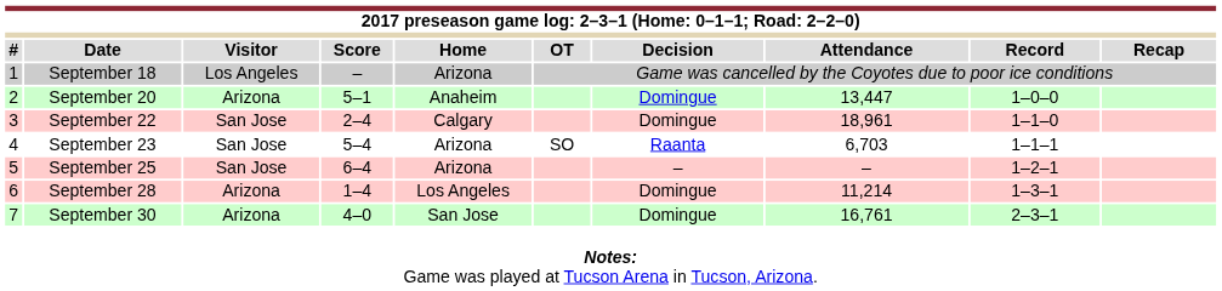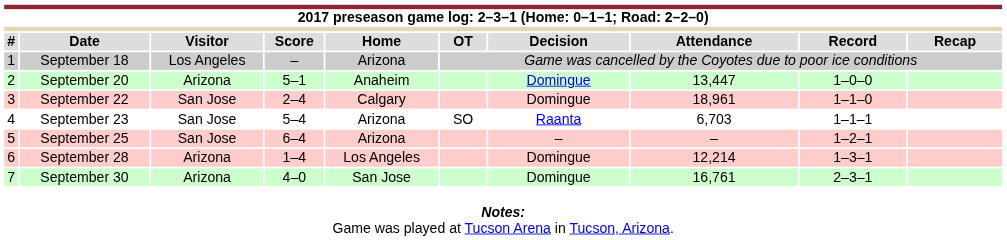 <table class="toccolours collapsible collapsed" style="width:90%; clear:both; margin:1.5em auto; text-align:center;">
 <tr>
 <th colspan=10 style="background:#FFFFFF; border-top:#8C2633 5px solid; border-bottom:#E2D6B5 5px solid;">2017 preseason game log: 2–3–1 (Home: 0–1–1; Road: 2–2–0)</th>
 </tr>
 <tr style="background:#ddd;">
 <th>#</th>
 <th>Date</th>
 <th>Visitor</th>
 <th>Score</th>
 <th>Home</th>
 <th>OT</th>
 <th>Decision</th>
 <th>Attendance</th>
 <th>Record</th>
 <th>Recap</th>
 </tr>
 <tr style="background:#ccc;">
 <td>1</td>
 <td>September 18</td>
 <td>Los Angeles</td>
 <td>–</td>
 <td>Arizona</td>
 <td colspan="5"><em>Game was cancelled by the Coyotes due to poor ice conditions</em></td>
 </tr>
 <tr style="background:#cfc;">
 <td>2</td>
 <td>September 20</td>
 <td>Arizona</td>
 <td>5–1</td>
 <td>Anaheim</td>
 <td></td>
 <td><a href='#'>Domingue</a></td>
 <td>13,447</td>
 <td>1–0–0</td>
 <td></td>
 </tr>
 <tr style="background:#fcc;">
 <td>3</td>
 <td>September 22</td>
 <td>San Jose</td>
 <td>2–4</td>
 <td>Calgary</td>
 <td></td>
 <td>Domingue</td>
 <td>18,961</td>
 <td>1–1–0</td>
 <td></td>
 </tr>
 <tr style="background:#fff;">
 <td>4</td>
 <td>September 23</td>
 <td>San Jose</td>
 <td>5–4</td>
 <td>Arizona</td>
 <td>SO</td>
 <td><a href='#'>Raanta</a></td>
 <td>6,703</td>
 <td>1–1–1</td>
 <td></td>
 </tr>
 <tr style="background:#fcc;">
 <td>5</td>
 <td>September 25</td>
 <td>San Jose</td>
 <td>6–4</td>
 <td>Arizona</td>
 <td></td>
 <td>–</td>
 <td>–</td>
 <td>1–2–1</td>
 <td></td>
 </tr>
 <tr style="background:#fcc;">
 <td>6</td>
 <td>September 28</td>
 <td>Arizona</td>
 <td>1–4</td>
 <td>Los Angeles</td>
 <td></td>
 <td>Domingue</td>
-<td>11,214</td>
+<td>12,214</td>
 <td>1–3–1</td>
 <td></td>
 </tr>
 <tr style="background:#cfc;">
 <td>7</td>
 <td>September 30</td>
 <td>Arizona</td>
 <td>4–0</td>
 <td>San Jose</td>
 <td></td>
 <td>Domingue</td>
 <td>16,761</td>
 <td>2–3–1</td>
 <td></td>
 </tr>
 <tr>
 <td colspan="10" style="text-align:center;"><br><strong><em>Notes:</em></strong><br> Game was played at <a href='#'>Tucson Arena</a> in <a href='#'>Tucson, Arizona</a>.</td>
 </tr>
 </table>
